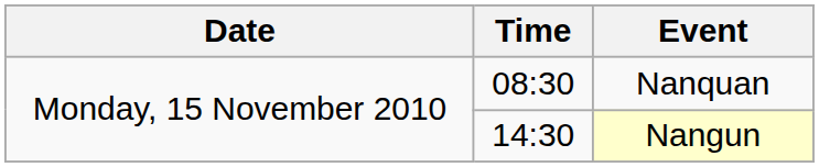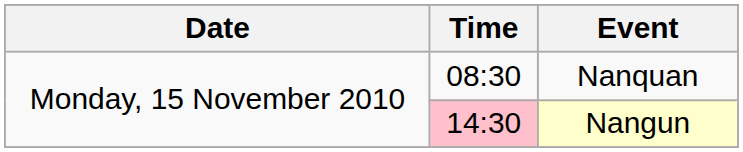 <table class = "wikitable" style="text-align:center;">
 <tr>
 <th width=220>Date</th>
 <th width=50>Time</th>
 <th width=100>Event</th>
 </tr>
 <tr>
 <td rowspan=2>Monday, 15 November 2010</td>
 <td>08:30</td>
 <td>Nanquan</td>
 </tr>
 <tr>
-<td>14:30</td>
+<td style="background: pink;">14:30</td>
 <td bgcolor=ffffcc>Nangun</td>
 </tr>
 </table>
